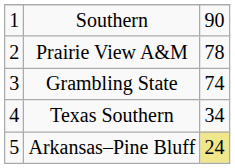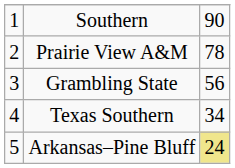 <table class="wikitable" style="display: inline-table;">
 <tr align="center">
 </tr>
 <tr align="center">
 <td>1</td>
 <td>Southern</td>
 <td>90</td>
 </tr>
 <tr align="center">
 <td>2</td>
 <td>Prairie View A&M</td>
 <td>78</td>
 </tr>
 <tr align="center">
 <td>3</td>
 <td>Grambling State</td>
-<td>74</td>
+<td>56</td>
 </tr>
 <tr align="center">
 <td>4</td>
 <td>Texas Southern</td>
 <td>34</td>
 </tr>
 <tr align="center">
 <td>5</td>
 <td>Arkansas–Pine Bluff</td>
 <td style="background: khaki;">24</td>
 </tr>
 </table>
